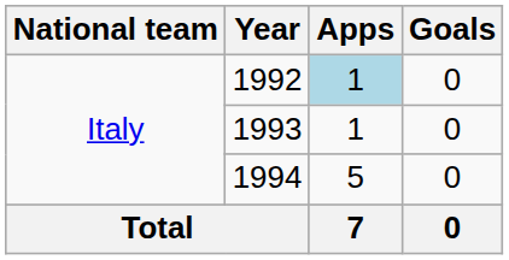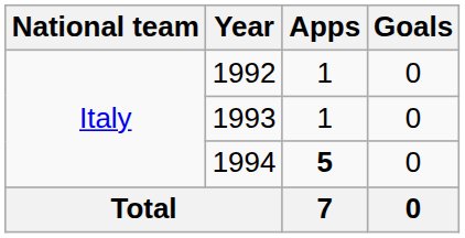 <table class="wikitable" style="text-align:center">
 <tr>
 <th>National team</th>
 <th>Year</th>
 <th>Apps</th>
 <th>Goals</th>
 </tr>
 <tr>
 <td rowspan="3"><a href='#'>Italy</a></td>
 <td>1992</td>
-<td style="background: lightblue;">1</td>
+<td>1</td>
 <td>0</td>
 </tr>
 <tr>
 <td>1993</td>
 <td>1</td>
 <td>0</td>
 </tr>
 <tr>
 <td>1994</td>
-<td>5</td>
+<td><strong>5</strong></td>
 <td>0</td>
 </tr>
 <tr>
 <th colspan="2">Total</th>
 <th>7</th>
 <th>0</th>
 </tr>
 </table>
